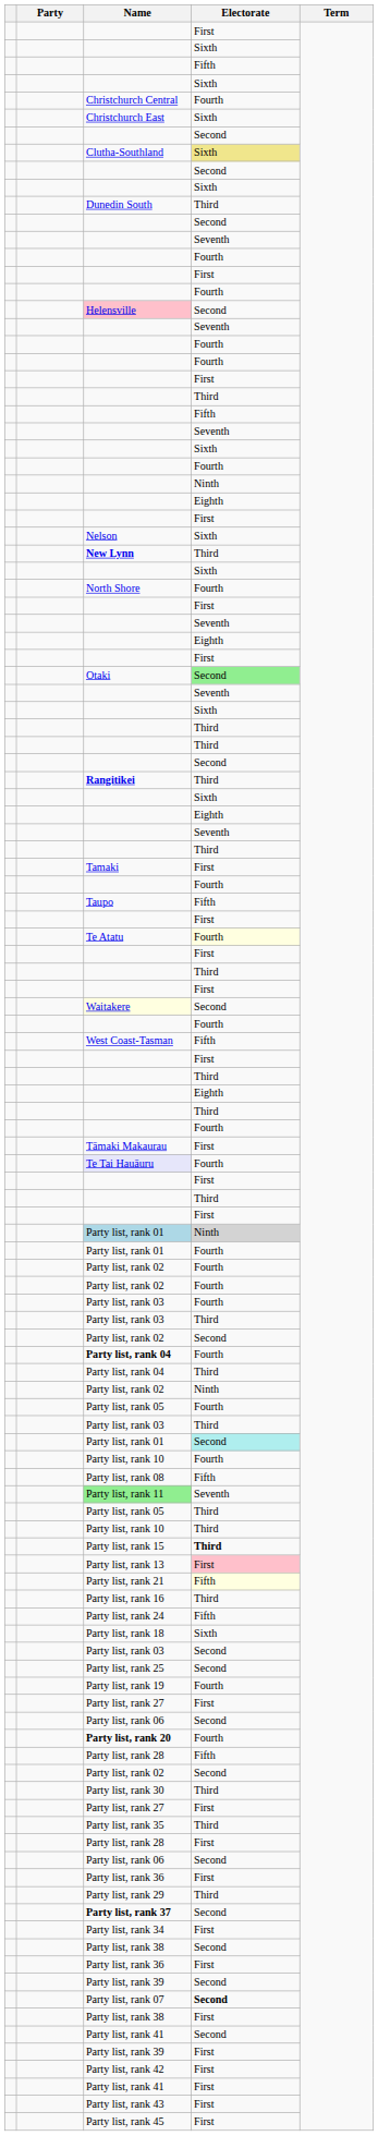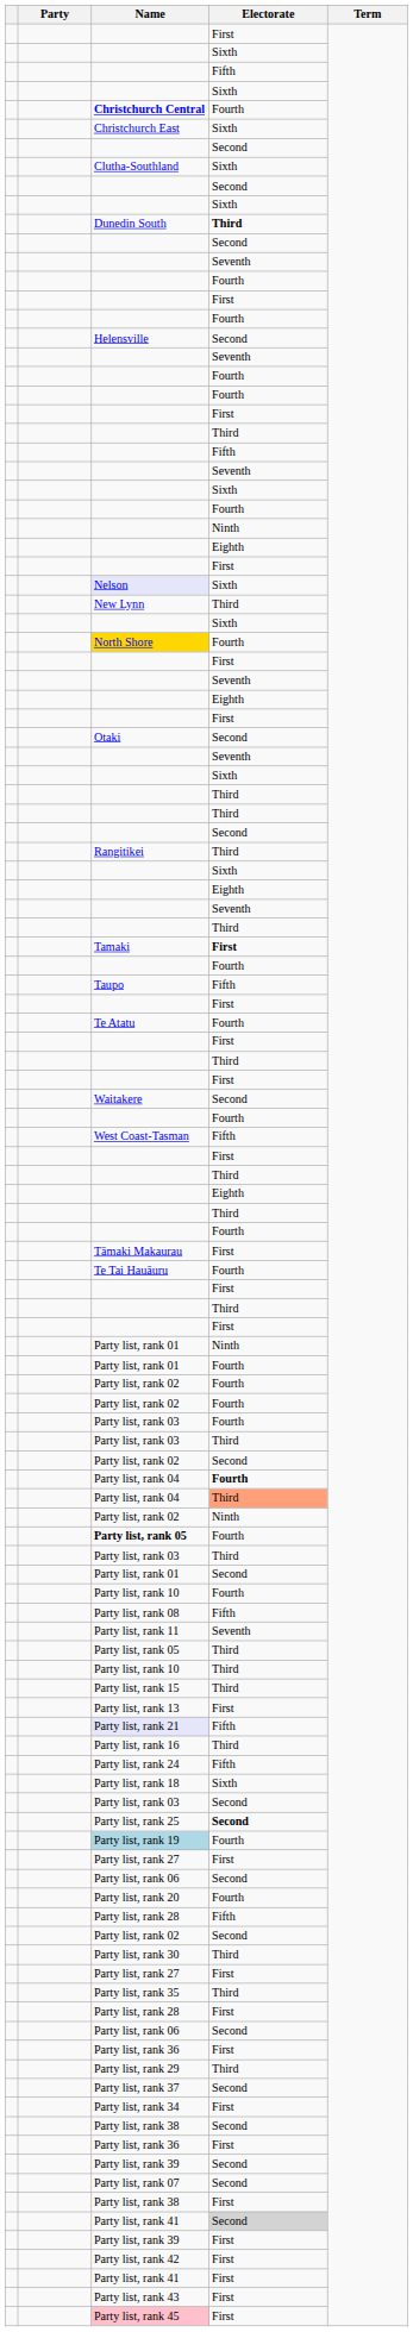 <table class="wikitable sortable">
 <tr>
 <th width=10  class=unsortable></th>
 <th width=90>Party</th>
 <th width=150>Name</th>
 <th width=150>Electorate</th>
 <th width=100>Term</th>
 </tr>
 <tr>
 <td></td>
 <td></td>
 <td></td>
 <td>First</td>
 </tr>
 <tr>
 <td></td>
 <td></td>
 <td></td>
 <td>Sixth</td>
 </tr>
 <tr>
 <td></td>
 <td></td>
 <td></td>
 <td>Fifth</td>
 </tr>
 <tr>
 <td></td>
 <td></td>
 <td></td>
 <td>Sixth</td>
 </tr>
 <tr>
 <td></td>
 <td></td>
-<td><a href='#'>Christchurch Central</a></td>
+<td><strong><a href='#'>Christchurch Central</a></strong></td>
 <td>Fourth</td>
 </tr>
 <tr>
 <td></td>
 <td></td>
 <td><a href='#'>Christchurch East</a></td>
 <td>Sixth</td>
 </tr>
 <tr>
 <td></td>
 <td></td>
 <td></td>
 <td>Second</td>
 </tr>
 <tr>
 <td></td>
 <td></td>
 <td><a href='#'>Clutha-Southland</a></td>
-<td style="background: khaki;">Sixth</td>
+<td>Sixth</td>
 </tr>
 <tr>
 <td></td>
 <td></td>
 <td></td>
 <td>Second</td>
 </tr>
 <tr>
 <td></td>
 <td></td>
 <td></td>
 <td>Sixth</td>
 </tr>
 <tr>
 <td></td>
 <td></td>
 <td><a href='#'>Dunedin South</a></td>
-<td>Third</td>
+<td><strong>Third</strong></td>
 </tr>
 <tr>
 <td></td>
 <td></td>
 <td></td>
 <td>Second</td>
 </tr>
 <tr>
 <td></td>
 <td></td>
 <td></td>
 <td>Seventh</td>
 </tr>
 <tr>
 <td></td>
 <td></td>
 <td></td>
 <td>Fourth</td>
 </tr>
 <tr>
 <td></td>
 <td></td>
 <td></td>
 <td>First</td>
 </tr>
 <tr>
 <td></td>
 <td></td>
 <td></td>
 <td>Fourth</td>
 </tr>
 <tr>
 <td></td>
 <td></td>
-<td style="background: pink;"><a href='#'>Helensville</a></td>
+<td><a href='#'>Helensville</a></td>
 <td>Second</td>
 </tr>
 <tr>
 <td></td>
 <td></td>
 <td></td>
 <td>Seventh</td>
 </tr>
 <tr>
 <td></td>
 <td></td>
 <td></td>
 <td>Fourth</td>
 </tr>
 <tr>
 <td></td>
 <td></td>
 <td></td>
 <td>Fourth</td>
 </tr>
 <tr>
 <td></td>
 <td></td>
 <td></td>
 <td>First</td>
 </tr>
 <tr>
 <td></td>
 <td></td>
 <td></td>
 <td>Third</td>
 </tr>
 <tr>
 <td></td>
 <td></td>
 <td></td>
 <td>Fifth</td>
 </tr>
 <tr>
 <td></td>
 <td></td>
 <td></td>
 <td>Seventh</td>
 </tr>
 <tr>
 <td></td>
 <td></td>
 <td></td>
 <td>Sixth</td>
 </tr>
 <tr>
 <td></td>
 <td></td>
 <td></td>
 <td>Fourth</td>
 </tr>
 <tr>
 <td></td>
 <td></td>
 <td></td>
 <td>Ninth</td>
 </tr>
 <tr>
 <td></td>
 <td></td>
 <td></td>
 <td>Eighth</td>
 </tr>
 <tr>
 <td></td>
 <td></td>
 <td></td>
 <td>First</td>
 </tr>
 <tr>
 <td></td>
 <td></td>
-<td><a href='#'>Nelson</a></td>
+<td style="background: lavender;"><a href='#'>Nelson</a></td>
 <td>Sixth</td>
 </tr>
 <tr>
 <td></td>
 <td></td>
-<td><strong><a href='#'>New Lynn</a></strong></td>
+<td><a href='#'>New Lynn</a></td>
 <td>Third</td>
 </tr>
 <tr>
 <td></td>
 <td></td>
 <td></td>
 <td>Sixth</td>
 </tr>
 <tr>
 <td></td>
 <td></td>
-<td><a href='#'>North Shore</a></td>
+<td style="background: gold;"><a href='#'>North Shore</a></td>
 <td>Fourth</td>
 </tr>
 <tr>
 <td></td>
 <td></td>
 <td></td>
 <td>First</td>
 </tr>
 <tr>
 <td></td>
 <td></td>
 <td></td>
 <td>Seventh</td>
 </tr>
 <tr>
 <td></td>
 <td></td>
 <td></td>
 <td>Eighth</td>
 </tr>
 <tr>
 <td></td>
 <td></td>
 <td></td>
 <td>First</td>
 </tr>
 <tr>
 <td></td>
 <td></td>
 <td><a href='#'>Otaki</a></td>
-<td style="background: lightgreen;">Second</td>
+<td>Second</td>
 </tr>
 <tr>
 <td></td>
 <td></td>
 <td></td>
 <td>Seventh</td>
 </tr>
 <tr>
 <td></td>
 <td></td>
 <td></td>
 <td>Sixth</td>
 </tr>
 <tr>
 <td></td>
 <td></td>
 <td></td>
 <td>Third</td>
 </tr>
 <tr>
 <td></td>
 <td></td>
 <td></td>
 <td>Third</td>
 </tr>
 <tr>
 <td></td>
 <td></td>
 <td></td>
 <td>Second</td>
 </tr>
 <tr>
 <td></td>
 <td></td>
-<td><strong><a href='#'>Rangitikei</a></strong></td>
+<td><a href='#'>Rangitikei</a></td>
 <td>Third</td>
 </tr>
 <tr>
 <td></td>
 <td></td>
 <td></td>
 <td>Sixth</td>
 </tr>
 <tr>
 <td></td>
 <td></td>
 <td></td>
 <td>Eighth</td>
 </tr>
 <tr>
 <td></td>
 <td></td>
 <td></td>
 <td>Seventh</td>
 </tr>
 <tr>
 <td></td>
 <td></td>
 <td></td>
 <td>Third</td>
 </tr>
 <tr>
 <td></td>
 <td></td>
 <td><a href='#'>Tamaki</a></td>
-<td>First</td>
+<td><strong>First</strong></td>
 </tr>
 <tr>
 <td></td>
 <td></td>
 <td></td>
 <td>Fourth</td>
 </tr>
 <tr>
 <td></td>
 <td></td>
 <td><a href='#'>Taupo</a></td>
 <td>Fifth</td>
 </tr>
 <tr>
 <td></td>
 <td></td>
 <td></td>
 <td>First</td>
 </tr>
 <tr>
 <td></td>
 <td></td>
 <td><a href='#'>Te Atatu</a></td>
-<td style="background: lightyellow;">Fourth</td>
+<td>Fourth</td>
 </tr>
 <tr>
 <td></td>
 <td></td>
 <td></td>
 <td>First</td>
 </tr>
 <tr>
 <td></td>
 <td></td>
 <td></td>
 <td>Third</td>
 </tr>
 <tr>
 <td></td>
 <td></td>
 <td></td>
 <td>First</td>
 </tr>
 <tr>
 <td></td>
 <td></td>
-<td style="background: lightyellow;"><a href='#'>Waitakere</a></td>
+<td><a href='#'>Waitakere</a></td>
 <td>Second</td>
 </tr>
 <tr>
 <td></td>
 <td></td>
 <td></td>
 <td>Fourth</td>
 </tr>
 <tr>
 <td></td>
 <td></td>
 <td><a href='#'>West Coast-Tasman</a></td>
 <td>Fifth</td>
 </tr>
 <tr>
 <td></td>
 <td></td>
 <td></td>
 <td>First</td>
 </tr>
 <tr>
 <td></td>
 <td></td>
 <td></td>
 <td>Third</td>
 </tr>
 <tr>
 <td></td>
 <td></td>
 <td></td>
 <td>Eighth</td>
 </tr>
 <tr>
 <td></td>
 <td></td>
 <td> </td>
 <td>Third</td>
 </tr>
 <tr>
 <td></td>
 <td></td>
 <td> </td>
 <td>Fourth</td>
 </tr>
 <tr>
 <td></td>
 <td></td>
 <td><a href='#'>Tāmaki Makaurau</a></td>
 <td>First</td>
 </tr>
 <tr>
 <td></td>
 <td></td>
-<td style="background: lavender;"><a href='#'>Te Tai Hauāuru</a></td>
+<td><a href='#'>Te Tai Hauāuru</a></td>
 <td>Fourth</td>
 </tr>
 <tr>
 <td></td>
 <td></td>
 <td></td>
 <td>First</td>
 </tr>
 <tr>
 <td></td>
 <td></td>
 <td> </td>
 <td>Third</td>
 </tr>
 <tr>
 <td></td>
 <td></td>
 <td></td>
 <td>First</td>
 </tr>
 <tr>
 <td></td>
 <td></td>
-<td style="background: lightblue;"> Party list, rank 01</td>
-<td style="background: lightgrey;">Ninth</td>
+<td> Party list, rank 01</td>
+<td>Ninth</td>
 </tr>
 <tr>
 <td></td>
 <td></td>
 <td> Party list, rank 01</td>
 <td>Fourth</td>
 </tr>
 <tr>
 <td></td>
 <td></td>
 <td> Party list, rank 02</td>
 <td>Fourth</td>
 </tr>
 <tr>
 <td></td>
 <td></td>
 <td> Party list, rank 02</td>
 <td>Fourth</td>
 </tr>
 <tr>
 <td></td>
 <td></td>
 <td> Party list, rank 03</td>
 <td>Fourth</td>
 </tr>
 <tr>
 <td></td>
 <td></td>
 <td> Party list, rank 03</td>
 <td>Third</td>
 </tr>
 <tr>
 <td></td>
 <td></td>
 <td> Party list, rank 02</td>
 <td>Second</td>
 </tr>
 <tr>
 <td></td>
 <td></td>
-<td><strong> Party list, rank 04</strong></td>
-<td>Fourth</td>
+<td> Party list, rank 04</td>
+<td><strong>Fourth</strong></td>
 </tr>
 <tr>
 <td></td>
 <td></td>
 <td> Party list, rank 04</td>
-<td>Third</td>
+<td style="background: lightsalmon;">Third</td>
 </tr>
 <tr>
 <td></td>
 <td></td>
 <td> Party list, rank 02</td>
 <td>Ninth</td>
 </tr>
 <tr>
 <td></td>
 <td></td>
-<td> Party list, rank 05</td>
+<td><strong> Party list, rank 05</strong></td>
 <td>Fourth</td>
 </tr>
 <tr>
 <td></td>
 <td></td>
 <td> Party list, rank 03</td>
 <td>Third</td>
 </tr>
 <tr>
 <td></td>
 <td></td>
 <td> Party list, rank 01</td>
-<td style="background: paleturquoise;">Second</td>
+<td>Second</td>
 </tr>
 <tr>
 <td></td>
 <td></td>
 <td> Party list, rank 10</td>
 <td>Fourth</td>
 </tr>
 <tr>
 <td></td>
 <td></td>
 <td> Party list, rank 08</td>
 <td>Fifth</td>
 </tr>
 <tr>
 <td></td>
 <td></td>
-<td style="background: lightgreen;"> Party list, rank 11</td>
+<td> Party list, rank 11</td>
 <td>Seventh</td>
 </tr>
 <tr>
 <td></td>
 <td></td>
 <td> Party list, rank 05</td>
 <td>Third</td>
 </tr>
 <tr>
 <td></td>
 <td></td>
 <td> Party list, rank 10</td>
 <td>Third</td>
 </tr>
 <tr>
 <td></td>
 <td></td>
 <td> Party list, rank 15</td>
-<td><strong>Third</strong></td>
+<td>Third</td>
 </tr>
 <tr>
 <td></td>
 <td></td>
 <td> Party list, rank 13</td>
-<td style="background: pink;">First</td>
+<td>First</td>
 </tr>
 <tr>
 <td></td>
 <td></td>
-<td> Party list, rank 21</td>
-<td style="background: lightyellow;">Fifth</td>
+<td style="background: lavender;"> Party list, rank 21</td>
+<td>Fifth</td>
 </tr>
 <tr>
 <td></td>
 <td></td>
 <td> Party list, rank 16</td>
 <td>Third</td>
 </tr>
 <tr>
 <td></td>
 <td></td>
 <td> Party list, rank 24</td>
 <td>Fifth</td>
 </tr>
 <tr>
 <td></td>
 <td></td>
 <td> Party list, rank 18</td>
 <td>Sixth</td>
 </tr>
 <tr>
 <td></td>
 <td></td>
 <td> Party list, rank 03</td>
 <td>Second</td>
 </tr>
 <tr>
 <td></td>
 <td></td>
 <td> Party list, rank 25</td>
-<td>Second</td>
+<td><strong>Second</strong></td>
 </tr>
 <tr>
 <td></td>
 <td></td>
-<td> Party list, rank 19</td>
+<td style="background: lightblue;"> Party list, rank 19</td>
 <td>Fourth</td>
 </tr>
 <tr>
 <td></td>
 <td></td>
 <td> Party list, rank 27</td>
 <td>First</td>
 </tr>
 <tr>
 <td></td>
 <td></td>
 <td> Party list, rank 06</td>
 <td>Second</td>
 </tr>
 <tr>
 <td></td>
 <td></td>
-<td><strong> Party list, rank 20</strong></td>
+<td> Party list, rank 20</td>
 <td>Fourth</td>
 </tr>
 <tr>
 <td></td>
 <td></td>
 <td> Party list, rank 28</td>
 <td>Fifth</td>
 </tr>
 <tr>
 <td></td>
 <td></td>
 <td> Party list, rank 02</td>
 <td>Second</td>
 </tr>
 <tr>
 <td></td>
 <td></td>
 <td> Party list, rank 30</td>
 <td>Third</td>
 </tr>
 <tr>
 <td></td>
 <td></td>
 <td> Party list, rank 27</td>
 <td>First</td>
 </tr>
 <tr>
 <td></td>
 <td></td>
 <td> Party list, rank 35</td>
 <td>Third</td>
 </tr>
 <tr>
 <td></td>
 <td></td>
 <td> Party list, rank 28</td>
 <td>First</td>
 </tr>
 <tr>
 <td></td>
 <td></td>
 <td> Party list, rank 06</td>
 <td>Second</td>
 </tr>
 <tr>
 <td></td>
 <td></td>
 <td> Party list, rank 36</td>
 <td>First</td>
 </tr>
 <tr>
 <td></td>
 <td></td>
 <td> Party list, rank 29</td>
 <td>Third</td>
 </tr>
 <tr>
 <td></td>
 <td></td>
-<td><strong> Party list, rank 37</strong></td>
+<td> Party list, rank 37</td>
 <td>Second</td>
 </tr>
 <tr>
 <td></td>
 <td></td>
 <td> Party list, rank 34</td>
 <td>First</td>
 </tr>
 <tr>
 <td></td>
 <td></td>
 <td> Party list, rank 38</td>
 <td>Second</td>
 </tr>
 <tr>
 <td></td>
 <td></td>
 <td> Party list, rank 36</td>
 <td>First</td>
 </tr>
 <tr>
 <td></td>
 <td></td>
 <td> Party list, rank 39</td>
 <td>Second</td>
 </tr>
 <tr>
 <td></td>
 <td></td>
 <td> Party list, rank 07</td>
-<td><strong>Second</strong></td>
+<td>Second</td>
 </tr>
 <tr>
 <td></td>
 <td></td>
 <td> Party list, rank 38</td>
 <td>First</td>
 </tr>
 <tr>
 <td></td>
 <td></td>
 <td> Party list, rank 41</td>
-<td>Second</td>
+<td style="background: lightgrey;">Second</td>
 </tr>
 <tr>
 <td></td>
 <td></td>
 <td> Party list, rank 39</td>
 <td>First</td>
 </tr>
 <tr>
 <td></td>
 <td></td>
 <td> Party list, rank 42</td>
 <td>First</td>
 </tr>
 <tr>
 <td></td>
 <td></td>
 <td> Party list, rank 41</td>
 <td>First</td>
 </tr>
 <tr>
 <td></td>
 <td></td>
 <td> Party list, rank 43</td>
 <td>First</td>
 </tr>
 <tr>
 <td></td>
 <td></td>
-<td> Party list, rank 45</td>
+<td style="background: pink;"> Party list, rank 45</td>
 <td>First</td>
 </tr>
 </table>
